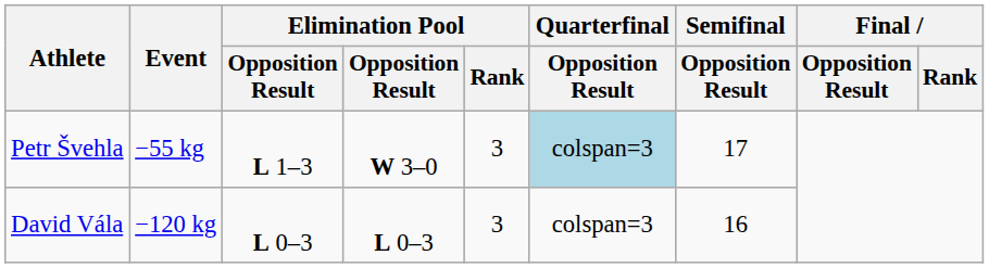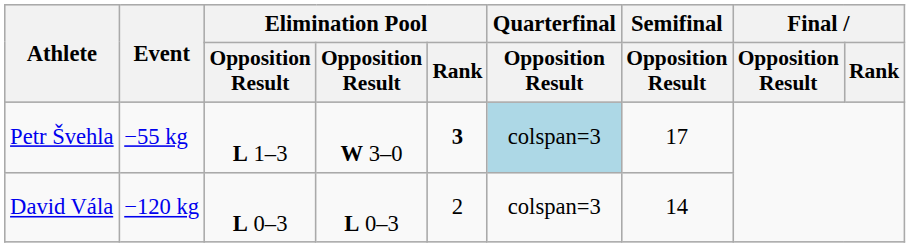 <table class="wikitable" style="font-size:90%">
 <tr>
 <th rowspan="2">Athlete</th>
 <th rowspan="2">Event</th>
 <th colspan=3>Elimination Pool</th>
 <th>Quarterfinal</th>
 <th>Semifinal</th>
 <th colspan=2>Final / </th>
 </tr>
 <tr style="font-size: 95%">
 <th>Opposition<br>Result</th>
 <th>Opposition<br>Result</th>
 <th>Rank</th>
 <th>Opposition<br>Result</th>
 <th>Opposition<br>Result</th>
 <th>Opposition<br>Result</th>
 <th>Rank</th>
 </tr>
 <tr align=center>
 <td align=left><a href='#'>Petr Švehla</a></td>
 <td align=left><a href='#'>−55 kg</a></td>
 <td><br><strong>L</strong> 1–3 <sup></sup></td>
 <td><br><strong>W</strong> 3–0 <sup></sup></td>
-<td>3</td>
+<td><strong>3</strong></td>
 <td style="background: lightblue;">colspan=3 </td>
 <td>17</td>
 </tr>
 <tr align=center>
 <td align=left><a href='#'>David Vála</a></td>
 <td align=left><a href='#'>−120 kg</a></td>
 <td><br><strong>L</strong> 0–3 <sup></sup></td>
 <td><br><strong>L</strong> 0–3 <sup></sup></td>
-<td>3</td>
+<td>2</td>
 <td>colspan=3 </td>
-<td>16</td>
+<td>14</td>
 </tr>
 </table>
